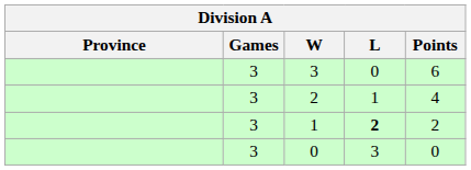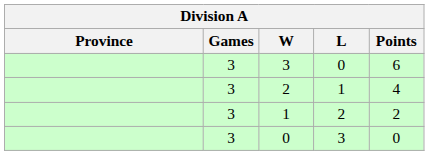 <table class="wikitable" style="text-align:center">
 <tr>
 <th colspan="6" width="400">Division A</th>
 </tr>
 <tr>
 <th width="200">Province</th>
 <th width="50">Games</th>
 <th width="50">W</th>
 <th width="50">L</th>
 <th width="50">Points</th>
 </tr>
 <tr style="background:#ccffcc">
 <td style="text-align:left"></td>
 <td>3</td>
 <td>3</td>
 <td>0</td>
 <td>6</td>
 </tr>
 <tr style="background:#ccffcc">
 <td style="text-align:left"></td>
 <td>3</td>
 <td>2</td>
 <td>1</td>
 <td>4</td>
 </tr>
 <tr style="background:#ccffcc">
 <td style="text-align:left"></td>
 <td>3</td>
 <td>1</td>
-<td><strong>2</strong></td>
+<td>2</td>
 <td>2</td>
 </tr>
 <tr style="background:#ccffcc">
 <td style="text-align:left"></td>
 <td>3</td>
 <td>0</td>
 <td>3</td>
 <td>0</td>
 </tr>
 </table>
